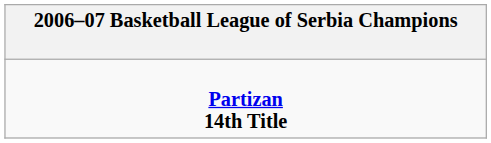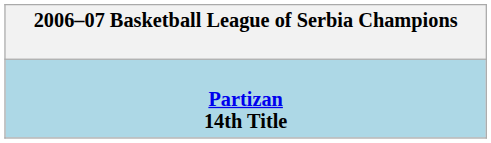 <table class="wikitable" style="margin: 0 auto; width: 30%;">
 <tr>
 <th>2006–07 Basketball League of Serbia Champions<br><br></th>
 </tr>
 <tr>
-<td align=center><br><strong><a href='#'>Partizan</a></strong><br><strong>14th Title</strong></td>
+<td align=center style="background: lightblue;"><br><strong><a href='#'>Partizan</a></strong><br><strong>14th Title</strong></td>
 </tr>
 </table>
